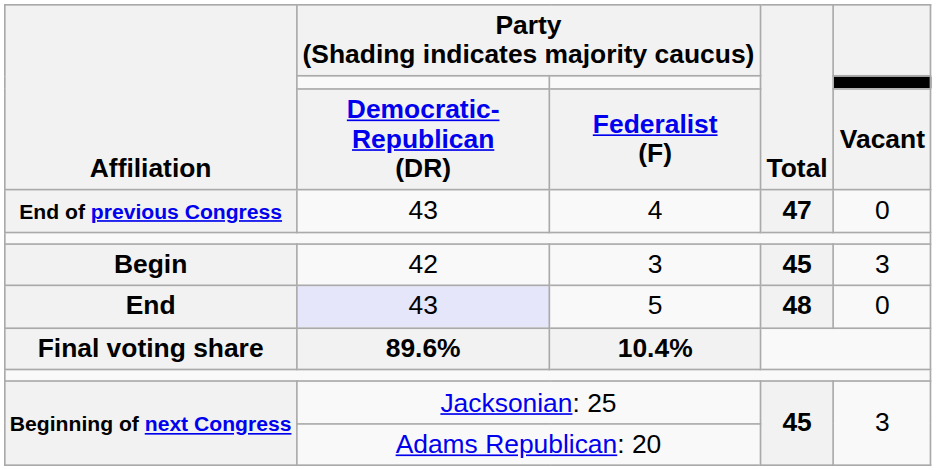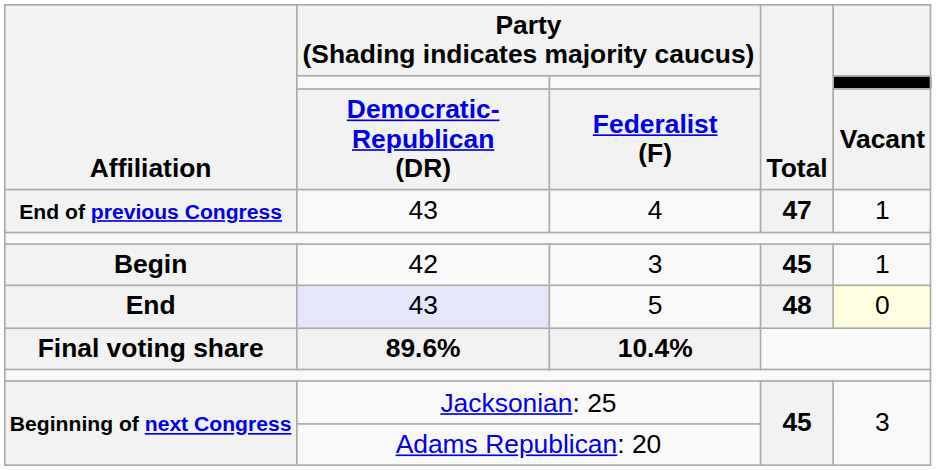 <table class=wikitable style="text-align:center">
 <tr valign=bottom>
 <th rowspan=3>Affiliation</th>
 <th colspan=2>Party<div>(Shading indicates majority caucus)</div></th>
 <th rowspan=3>Total</th>
 <th></th>
 </tr>
 <tr style="height:5px">
 <td style="background-color:"></td>
 <td style="background-color:"></td>
 <td style="background:black"></td>
 </tr>
 <tr>
 <th><a href='#'>Democratic-<br>Republican</a><br>(DR)</th>
 <th><a href='#'>Federalist</a><br>(F)</th>
 <th>Vacant</th>
 </tr>
 <tr>
 <th style="white-space:nowrap; font-size:80%">End of <a href='#'>previous Congress</a></th>
 <td>43</td>
 <td>4</td>
 <th>47</th>
-<td>0</td>
+<td>1</td>
 </tr>
 <tr>
 <td colspan=9></td>
 </tr>
 <tr>
 <th>Begin</th>
 <td>42</td>
 <td>3</td>
 <th>45</th>
-<td>3</td>
+<td>1</td>
 </tr>
 <tr>
 <th>End</th>
 <td style="background: lavender;">43</td>
 <td>5</td>
 <th>48</th>
-<td>0</td>
+<td style="background: lightyellow;">0</td>
 </tr>
 <tr>
 <th>Final voting share</th>
 <th>89.6%</th>
 <th>10.4%</th>
 <td colspan=2></td>
 </tr>
 <tr>
 <td colspan=9></td>
 </tr>
 <tr>
 <th style="white-space:nowrap; font-size:80%" rowspan=2>Beginning of <a href='#'>next Congress</a></th>
 <td colspan=2 ><a href='#'>Jacksonian</a>: 25</td>
 <th rowspan=2>45</th>
 <td rowspan=2>3</td>
 </tr>
 <tr>
 <td colspan=2><a href='#'>Adams Republican</a>: 20</td>
 </tr>
 </table>
